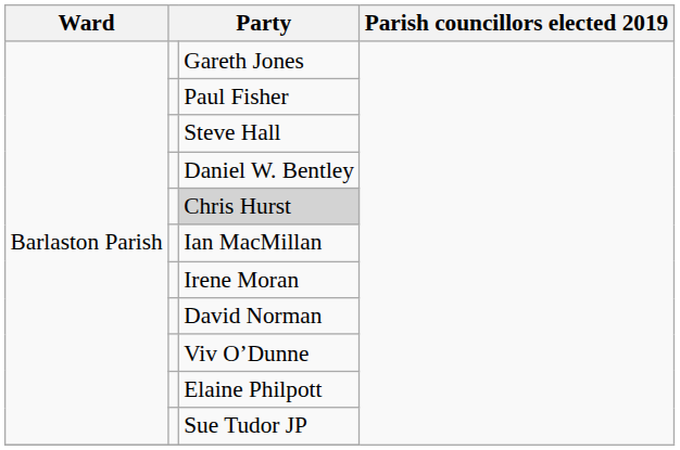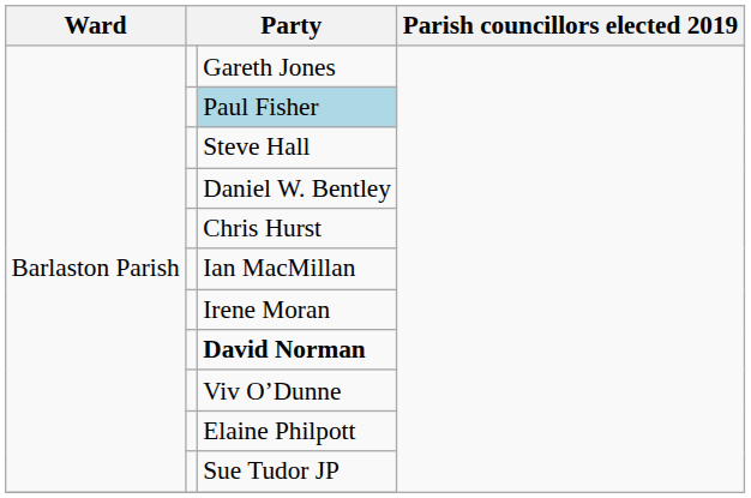 <table class="wikitable">
 <tr>
 <th>Ward</th>
 <th colspan=2>Party</th>
 <th>Parish councillors elected 2019</th>
 </tr>
 <tr>
 <td rowspan="11">Barlaston Parish</td>
 <td></td>
 <td>Gareth Jones</td>
 </tr>
 <tr>
 <td></td>
-<td>Paul Fisher</td>
+<td style="background: lightblue;">Paul Fisher</td>
 </tr>
 <tr>
 <td></td>
 <td>Steve Hall</td>
 </tr>
 <tr>
 <td></td>
 <td>Daniel W. Bentley</td>
 </tr>
 <tr>
 <td></td>
-<td style="background: lightgrey;">Chris Hurst</td>
+<td>Chris Hurst</td>
 </tr>
 <tr>
 <td></td>
 <td>Ian MacMillan</td>
 </tr>
 <tr>
 <td></td>
 <td>Irene Moran</td>
 </tr>
 <tr>
 <td></td>
-<td>David Norman</td>
+<td><strong>David Norman</strong></td>
 </tr>
 <tr>
 <td></td>
 <td>Viv O’Dunne</td>
 </tr>
 <tr>
 <td></td>
 <td>Elaine Philpott</td>
 </tr>
 <tr>
 <td></td>
 <td>Sue Tudor JP</td>
 </tr>
 <tr>
 </tr>
 </table>
